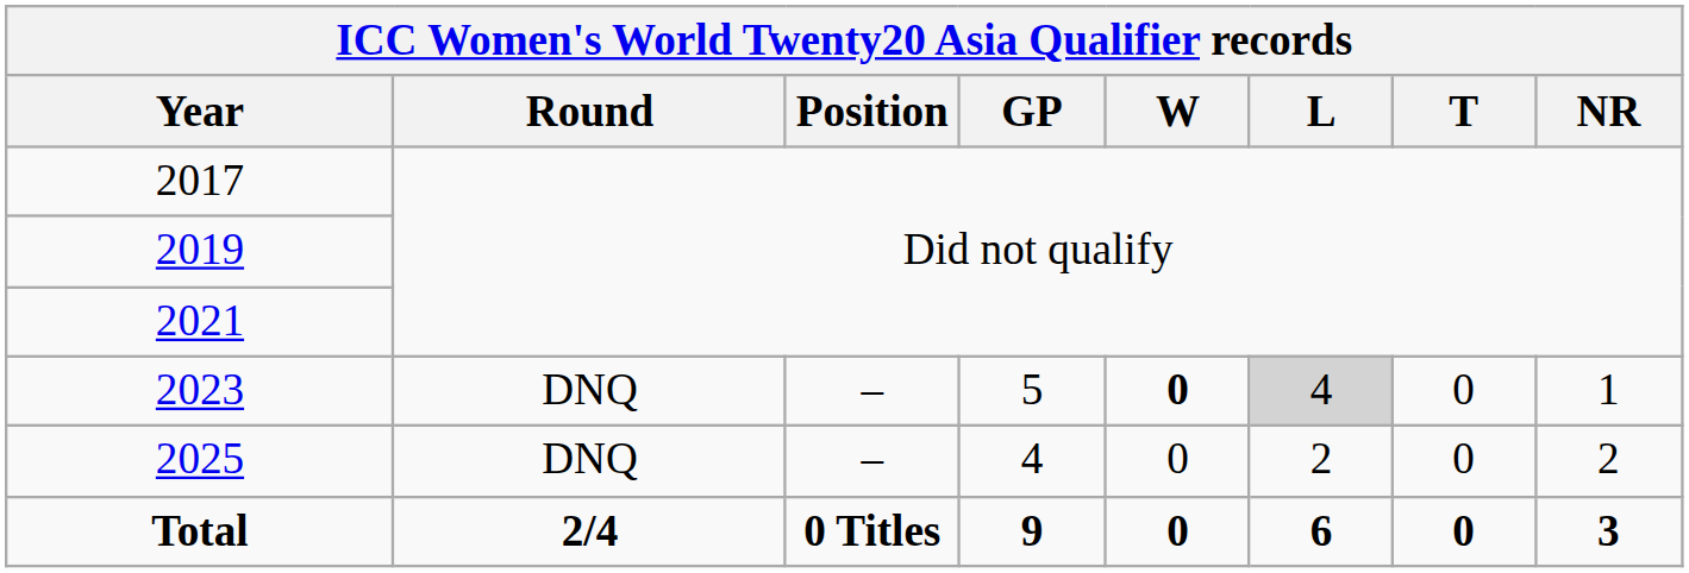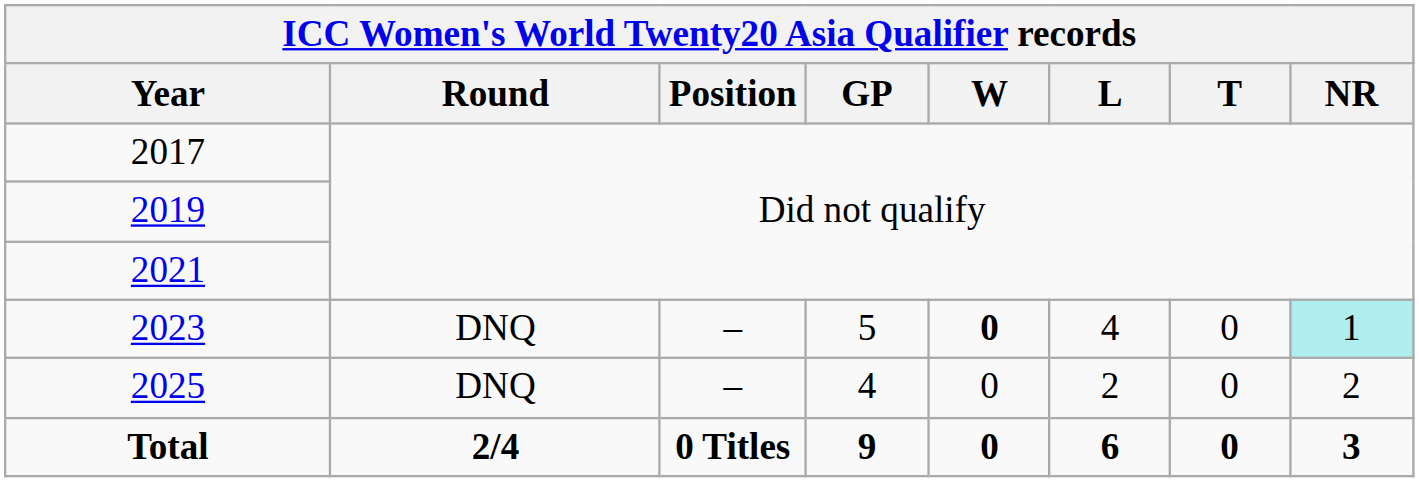 <table class="wikitable" style="text-align: center;">
 <tr>
 <th colspan=8><a href='#'>ICC Women's World Twenty20 Asia Qualifier</a> records</th>
 </tr>
 <tr>
 <th width=150>Year</th>
 <th width=150>Round</th>
 <th width=50>Position</th>
 <th width=50>GP</th>
 <th width=50>W</th>
 <th width=50>L</th>
 <th width=50>T</th>
 <th width=50>NR</th>
 </tr>
 <tr>
 <td> 2017</td>
 <td colspan=7  rowspan=3>Did not qualify</td>
 </tr>
 <tr>
 <td> <a href='#'>2019</a></td>
 </tr>
 <tr>
 <td> <a href='#'>2021</a></td>
 </tr>
 <tr>
 <td> <a href='#'>2023</a></td>
 <td>DNQ</td>
 <td>–</td>
 <td>5</td>
 <td><strong>0</strong></td>
-<td style="background: lightgrey;">4</td>
+<td>4</td>
 <td>0</td>
-<td>1</td>
+<td style="background: paleturquoise;">1</td>
 </tr>
 <tr>
 <td> <a href='#'>2025</a></td>
 <td>DNQ</td>
 <td>–</td>
 <td>4</td>
 <td>0</td>
 <td>2</td>
 <td>0</td>
 <td>2</td>
 </tr>
 <tr>
 <td><strong>Total</strong></td>
 <td><strong>2/4</strong></td>
 <td><strong>0 Titles</strong></td>
 <td><strong>9</strong></td>
 <td><strong>0</strong></td>
 <td><strong>6</strong></td>
 <td><strong>0</strong></td>
 <td><strong>3</strong></td>
 </tr>
 </table>
